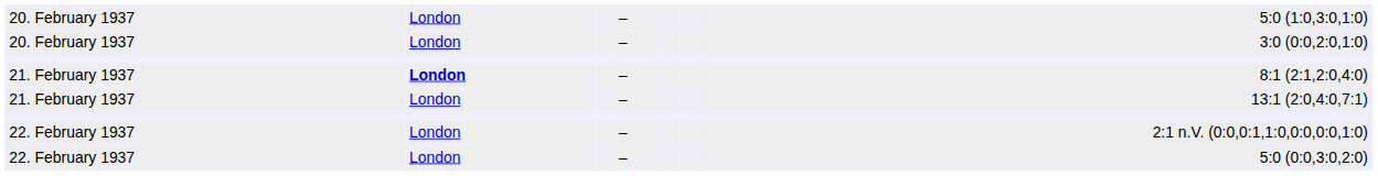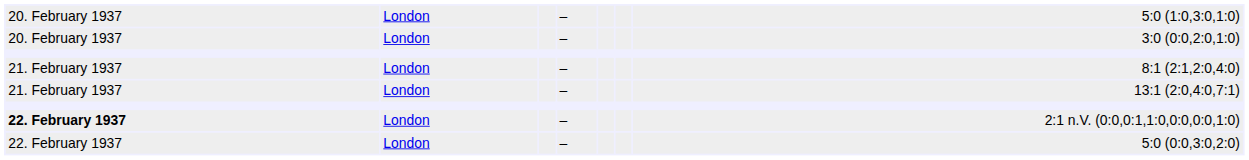 <table cellspacing="2" border="0" cellpadding="3" bgcolor="#EFEFFF" width="90%">
 <tr>
 <td bgcolor="#EEEEEE">20. February 1937</td>
 <td bgcolor="#EEEEEE"><a href='#'>London</a></td>
 <td bgcolor="#EEEEEE"></td>
 <td bgcolor="#EEEEEE">–</td>
 <td bgcolor="#EEEEEE"></td>
 <td bgcolor="#EEEEEE"></td>
 <td bgcolor="#EEEEEE" align="right">5:0 (1:0,3:0,1:0)</td>
 </tr>
 <tr>
 <td bgcolor="#EEEEEE">20. February 1937</td>
 <td bgcolor="#EEEEEE"><a href='#'>London</a></td>
 <td bgcolor="#EEEEEE"></td>
 <td bgcolor="#EEEEEE">–</td>
 <td bgcolor="#EEEEEE"></td>
 <td bgcolor="#EEEEEE"></td>
 <td bgcolor="#EEEEEE" align="right">3:0 (0:0,2:0,1:0)</td>
 </tr>
 <tr>
 <td></td>
 </tr>
 <tr>
 <td bgcolor="#EEEEEE">21. February 1937</td>
-<td bgcolor="#EEEEEE"><strong><a href='#'>London</a></strong></td>
+<td bgcolor="#EEEEEE"><a href='#'>London</a></td>
 <td bgcolor="#EEEEEE"></td>
 <td bgcolor="#EEEEEE">–</td>
 <td bgcolor="#EEEEEE"></td>
 <td bgcolor="#EEEEEE"></td>
 <td bgcolor="#EEEEEE" align="right">8:1 (2:1,2:0,4:0)</td>
 </tr>
 <tr>
 <td bgcolor="#EEEEEE">21. February 1937</td>
 <td bgcolor="#EEEEEE"><a href='#'>London</a></td>
 <td bgcolor="#EEEEEE"></td>
 <td bgcolor="#EEEEEE">–</td>
 <td bgcolor="#EEEEEE"></td>
 <td bgcolor="#EEEEEE"></td>
 <td bgcolor="#EEEEEE" align="right">13:1 (2:0,4:0,7:1)</td>
 </tr>
 <tr>
 <td></td>
 </tr>
 <tr>
-<td bgcolor="#EEEEEE">22. February 1937</td>
+<td bgcolor="#EEEEEE"><strong>22. February 1937</strong></td>
 <td bgcolor="#EEEEEE"><a href='#'>London</a></td>
 <td bgcolor="#EEEEEE"></td>
 <td bgcolor="#EEEEEE">–</td>
 <td bgcolor="#EEEEEE"></td>
 <td bgcolor="#EEEEEE"></td>
 <td bgcolor="#EEEEEE" align="right">2:1 n.V. (0:0,0:1,1:0,0:0,0:0,1:0)</td>
 </tr>
 <tr>
 <td bgcolor="#EEEEEE">22. February 1937</td>
 <td bgcolor="#EEEEEE"><a href='#'>London</a></td>
 <td bgcolor="#EEEEEE"></td>
 <td bgcolor="#EEEEEE">–</td>
 <td bgcolor="#EEEEEE"></td>
 <td bgcolor="#EEEEEE"></td>
 <td bgcolor="#EEEEEE" align="right">5:0 (0:0,3:0,2:0)</td>
 </tr>
 </table>
